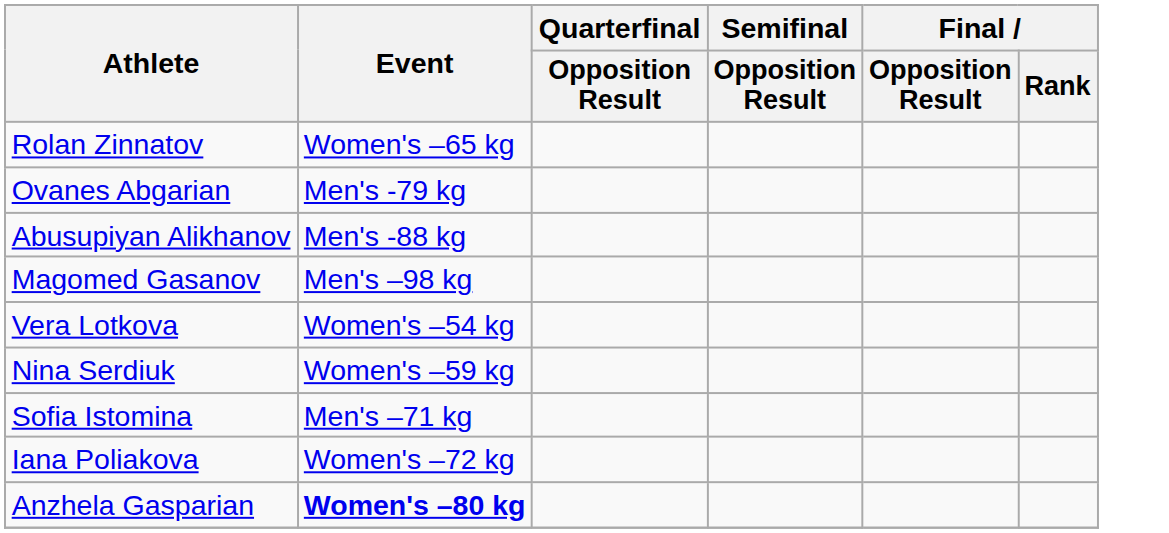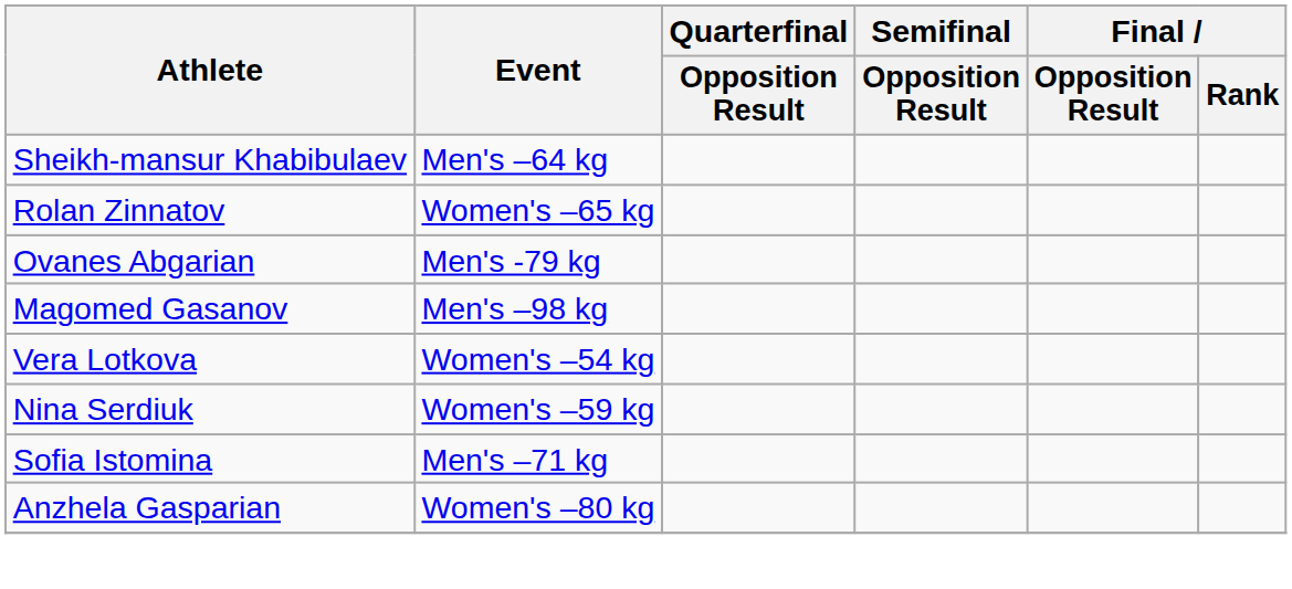 <table class=wikitable style=font-size:90%;text-align:center>
 <tr>
 <th rowspan=2>Athlete</th>
 <th rowspan=2>Event</th>
 <th>Quarterfinal</th>
 <th>Semifinal</th>
 <th colspan=2>Final / </th>
 </tr>
 <tr style=font-size:95%>
 <th>Opposition<br>Result</th>
 <th>Opposition<br>Result</th>
 <th>Opposition<br>Result</th>
 <th>Rank</th>
 </tr>
 <tr>
+<td align=left><a href='#'>Sheikh-mansur Khabibulaev</a></td>
+<td align=left><a href='#'>Men's –64 kg</a></td>
+<td></td>
+<td></td>
+<td></td>
+<td></td>
+</tr>
+<tr>
 <td align=left><a href='#'>Rolan Zinnatov</a></td>
 <td align=left><a href='#'>Women's –65 kg</a></td>
 <td></td>
 <td></td>
 <td></td>
 <td></td>
 </tr>
 <tr>
 <td align=left><a href='#'>Ovanes Abgarian</a></td>
 <td align=left><a href='#'>Men's -79 kg</a></td>
-<td></td>
-<td></td>
-<td></td>
-<td></td>
-</tr>
-<tr>
-<td align=left><a href='#'>Abusupiyan Alikhanov</a></td>
-<td align=left><a href='#'>Men's  -88 kg</a></td>
 <td></td>
 <td></td>
 <td></td>
 <td></td>
 </tr>
 <tr>
 <td align=left><a href='#'>Magomed Gasanov</a></td>
 <td align=left><a href='#'>Men's  –98 kg</a></td>
 <td></td>
 <td></td>
 <td></td>
 <td></td>
 </tr>
 <tr>
 <td align=left><a href='#'>Vera Lotkova</a></td>
 <td align=left><a href='#'>Women's –54 kg</a></td>
 <td></td>
 <td></td>
 <td></td>
 <td></td>
 </tr>
 <tr>
 <td align=left><a href='#'>Nina Serdiuk</a></td>
 <td align=left><a href='#'>Women's –59 kg</a></td>
 <td></td>
 <td></td>
 <td></td>
 <td></td>
 </tr>
 <tr>
 <td align=left><a href='#'>Sofia Istomina</a></td>
 <td align=left><a href='#'>Men's –71 kg</a></td>
 <td></td>
 <td></td>
 <td></td>
 <td></td>
 </tr>
 <tr>
-<td align=left><a href='#'>Iana Poliakova</a></td>
-<td align=left><a href='#'>Women's –72 kg</a></td>
-<td></td>
-<td></td>
-<td></td>
-<td></td>
-</tr>
-<tr>
 <td align=left><a href='#'>Anzhela Gasparian</a></td>
-<td align=left><strong><a href='#'>Women's –80 kg</a></strong></td>
+<td align=left><a href='#'>Women's –80 kg</a></td>
 <td></td>
 <td></td>
 <td></td>
 <td></td>
 </tr>
 <tr>
 </tr>
 </table>
